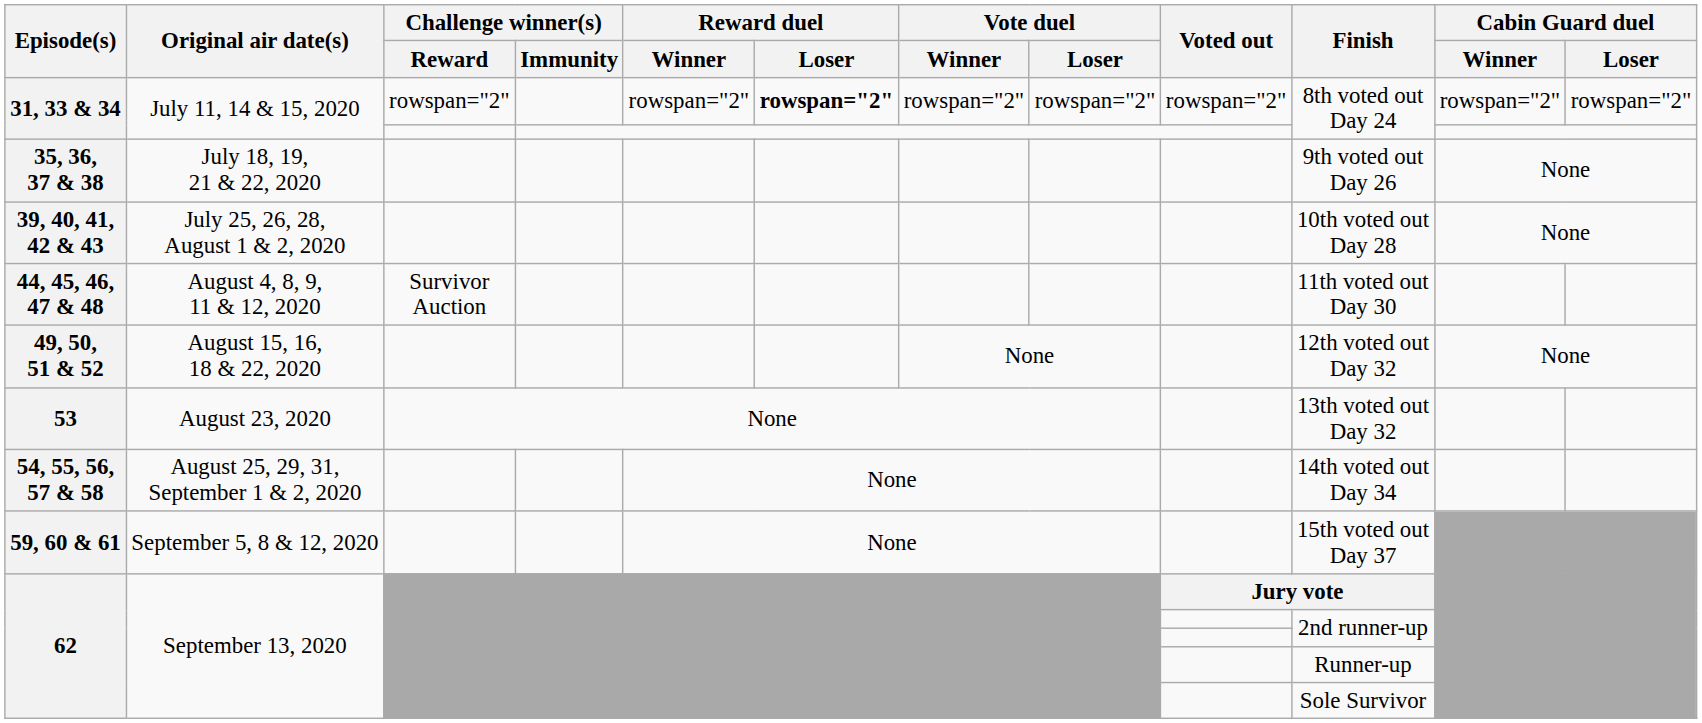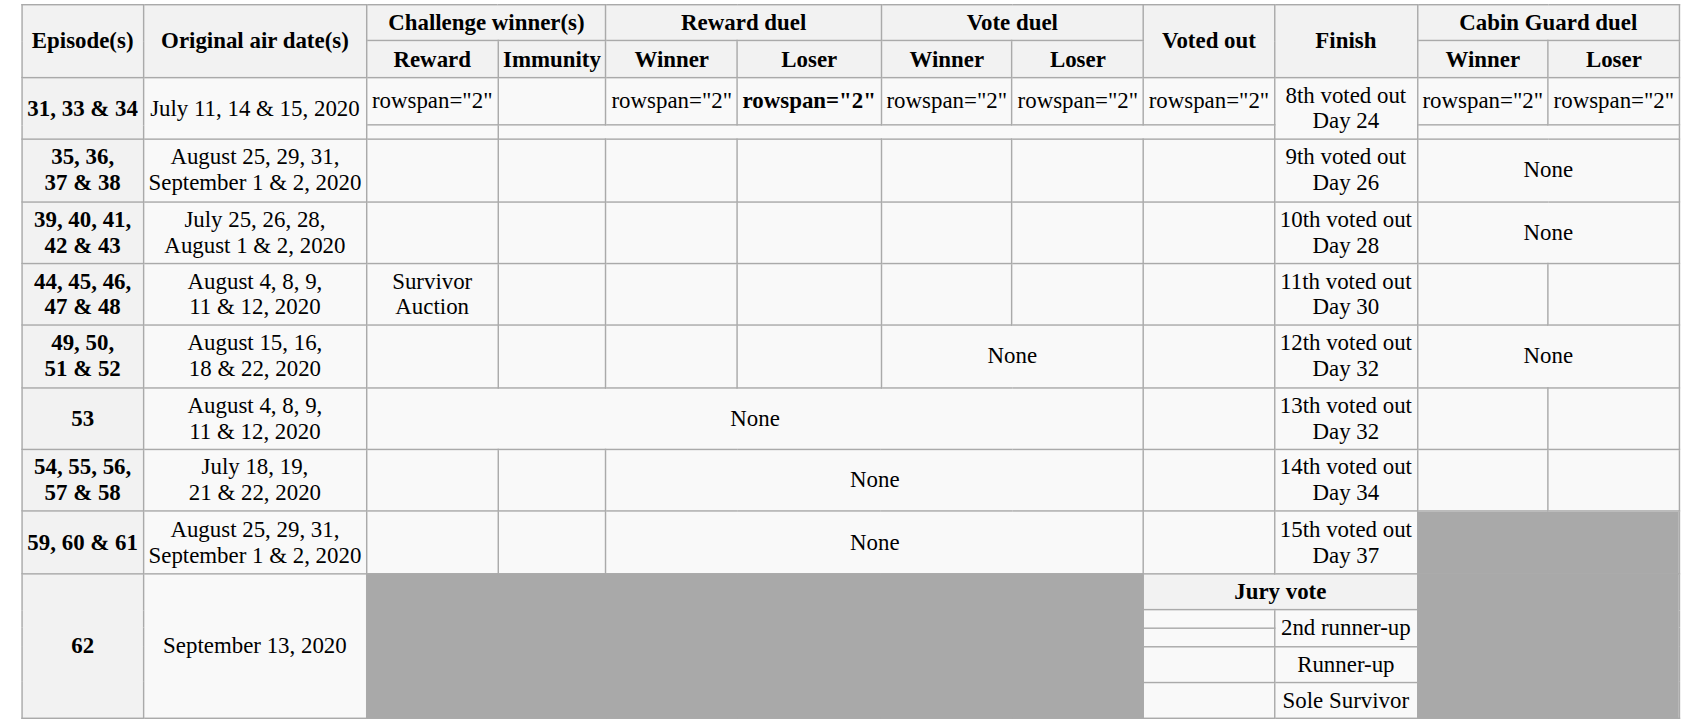 <table class="wikitable plainrowheaders nowrap" style="margin:auto; text-align:center">
 <tr>
 <th scope="col" rowspan="2">Episode(s)</th>
 <th scope="col" rowspan="2">Original air date(s)</th>
 <th scope="col" colspan="2">Challenge winner(s)</th>
 <th scope="col" colspan="2">Reward duel</th>
 <th scope="col" colspan="2">Vote duel</th>
 <th scope="col" rowspan="2">Voted out</th>
 <th scope="col" rowspan="2">Finish</th>
 <th scope="col" colspan="2">Cabin Guard duel</th>
 </tr>
 <tr>
 <th scope="col">Reward</th>
 <th scope="col">Immunity</th>
 <th scope="col">Winner</th>
 <th scope="col">Loser</th>
 <th scope="col">Winner</th>
 <th scope="col">Loser</th>
 <th scope="col">Winner</th>
 <th scope="col">Loser</th>
 </tr>
 <tr>
 <th rowspan="2">31, 33 & 34</th>
 <td rowspan="2">July 11, 14 & 15, 2020</td>
 <td>rowspan="2" </td>
 <td></td>
 <td>rowspan="2" </td>
 <td><strong>rowspan="2" </strong></td>
 <td>rowspan="2" </td>
 <td>rowspan="2" </td>
 <td>rowspan="2" </td>
 <td rowspan="2">8th voted out<br>Day 24</td>
 <td>rowspan="2" </td>
 <td>rowspan="2" </td>
 </tr>
 <tr>
 <td></td>
 </tr>
 <tr>
 <th>35, 36,<br>37 & 38</th>
-<td>July 18, 19,<br>21 & 22, 2020</td>
+<td>August 25, 29, 31,<br>September 1 & 2, 2020</td>
 <td></td>
 <td></td>
 <td></td>
 <td></td>
 <td></td>
 <td></td>
 <td></td>
 <td>9th voted out<br>Day 26</td>
 <td colspan="2">None</td>
 </tr>
 <tr>
 <th>39, 40, 41,<br>42 & 43</th>
 <td>July 25, 26, 28,<br>August 1 & 2, 2020</td>
 <td></td>
 <td></td>
 <td></td>
 <td></td>
 <td></td>
 <td></td>
 <td></td>
 <td>10th voted out<br>Day 28</td>
 <td colspan="2">None</td>
 </tr>
 <tr>
 <th>44, 45, 46,<br>47 & 48</th>
 <td>August 4, 8, 9,<br>11 & 12, 2020</td>
 <td>Survivor<br>Auction</td>
 <td></td>
 <td></td>
 <td></td>
 <td></td>
 <td></td>
 <td></td>
 <td>11th voted out<br>Day 30</td>
 <td></td>
 <td></td>
 </tr>
 <tr>
 <th>49, 50,<br>51 & 52</th>
 <td>August 15, 16,<br>18 & 22, 2020</td>
 <td></td>
 <td></td>
 <td></td>
 <td></td>
 <td colspan="2">None</td>
 <td></td>
 <td>12th voted out<br>Day 32</td>
 <td colspan="2">None</td>
 </tr>
 <tr>
 <th>53</th>
-<td>August 23, 2020</td>
+<td>August 4, 8, 9,<br>11 & 12, 2020</td>
 <td colspan="6">None</td>
 <td></td>
 <td>13th voted out<br>Day 32</td>
 <td></td>
 <td></td>
 </tr>
 <tr>
 <th>54, 55, 56,<br>57 & 58</th>
-<td>August 25, 29, 31,<br>September 1 & 2, 2020</td>
+<td>July 18, 19,<br>21 & 22, 2020</td>
 <td></td>
 <td></td>
 <td colspan="4">None</td>
 <td></td>
 <td>14th voted out<br>Day 34</td>
 <td></td>
 <td></td>
 </tr>
 <tr>
 <th>59, 60 & 61</th>
-<td>September 5, 8 & 12, 2020</td>
+<td>August 25, 29, 31,<br>September 1 & 2, 2020</td>
 <td></td>
 <td></td>
 <td colspan="4">None</td>
 <td></td>
 <td>15th voted out<br>Day 37</td>
 <td colspan=2 bgcolor=darkgrey></td>
 </tr>
 <tr>
 <th rowspan="5">62</th>
 <td rowspan="5">September 13, 2020</td>
 <td rowspan="5" colspan="6" bgcolor="darkgrey"></td>
 <th colspan="2">Jury vote</th>
 <td rowspan="5" colspan="2" bgcolor="darkgrey"></td>
 </tr>
 <tr>
 <td></td>
 <td rowspan="2">2nd runner-up</td>
 </tr>
 <tr>
 <td></td>
 </tr>
 <tr>
 <td></td>
 <td>Runner-up</td>
 </tr>
 <tr>
 <td></td>
 <td>Sole Survivor</td>
 </tr>
 </table>
